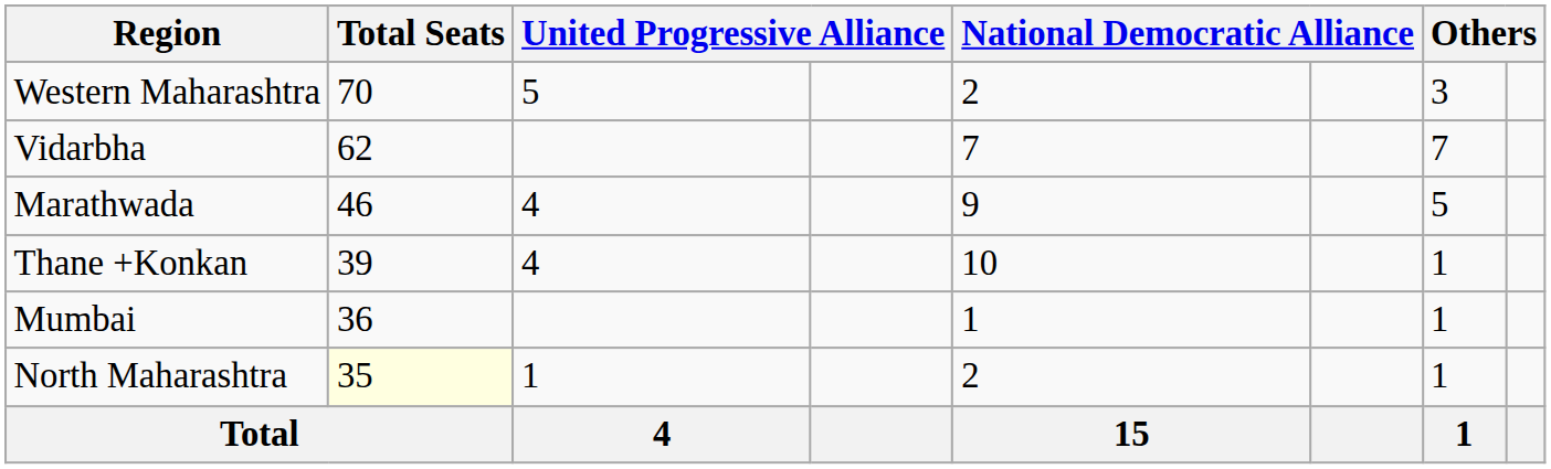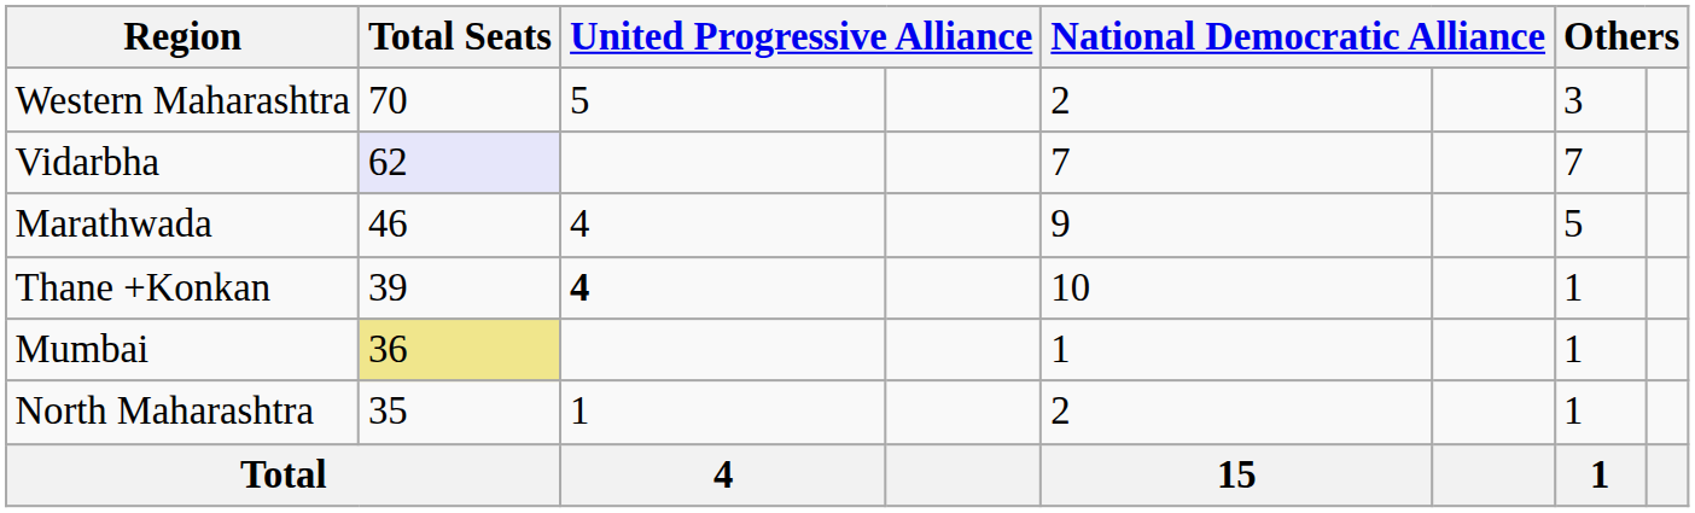 <table class="wikitable sortable">
 <tr>
 <th>Region</th>
 <th>Total Seats</th>
 <th colspan="2"><a href='#'>United Progressive Alliance</a></th>
 <th colspan="2"><a href='#'>National Democratic Alliance</a></th>
 <th colspan="2">Others</th>
 </tr>
 <tr>
 <td>Western Maharashtra</td>
 <td>70</td>
 <td> 5</td>
 <td></td>
 <td> 2</td>
 <td></td>
 <td> 3</td>
 <td></td>
 </tr>
 <tr>
 <td>Vidarbha</td>
-<td>62</td>
+<td style="background: lavender;">62</td>
 <td></td>
 <td></td>
 <td> 7</td>
 <td></td>
 <td> 7</td>
 <td></td>
 </tr>
 <tr>
 <td>Marathwada</td>
 <td>46</td>
 <td> 4</td>
 <td></td>
 <td> 9</td>
 <td></td>
 <td> 5</td>
 <td></td>
 </tr>
 <tr>
 <td>Thane +Konkan</td>
 <td>39</td>
-<td> 4</td>
+<td><strong> 4</strong></td>
 <td></td>
 <td> 10</td>
 <td></td>
 <td> 1</td>
 <td></td>
 </tr>
 <tr>
 <td>Mumbai</td>
-<td>36</td>
+<td style="background: khaki;">36</td>
 <td></td>
 <td></td>
 <td> 1</td>
 <td></td>
 <td> 1</td>
 <td></td>
 </tr>
 <tr>
 <td>North Maharashtra</td>
-<td style="background: lightyellow;">35</td>
+<td>35</td>
 <td> 1</td>
 <td></td>
 <td> 2</td>
 <td></td>
 <td> 1</td>
 <td></td>
 </tr>
 <tr>
 <th colspan="2">Total</th>
 <th> 4</th>
 <th></th>
 <th> 15</th>
 <th></th>
 <th> 1</th>
 <th></th>
 </tr>
 </table>
